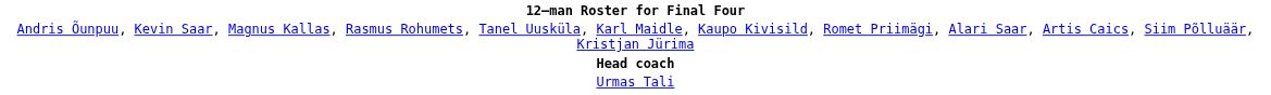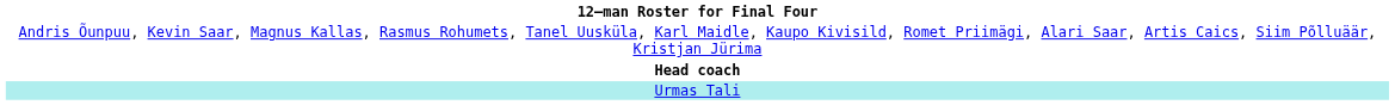 <table style="text-align: center; margin-top: 2em; margin-left: auto; margin-right: auto">
 <tr>
 <td><strong>12–man Roster for Final Four</strong></td>
 </tr>
 <tr>
 <td><a href='#'>Andris Õunpuu</a>, <a href='#'>Kevin Saar</a>, <a href='#'>Magnus Kallas</a>, <a href='#'>Rasmus Rohumets</a>, <a href='#'>Tanel Uusküla</a>, <a href='#'>Karl Maidle</a>, <a href='#'>Kaupo Kivisild</a>, <a href='#'>Romet Priimägi</a>, <a href='#'>Alari Saar</a>, <a href='#'>Artis Caics</a>, <a href='#'>Siim Põlluäär</a>, <a href='#'>Kristjan Jürima</a></td>
 </tr>
 <tr>
 <td><strong>Head coach</strong></td>
 </tr>
 <tr>
-<td><a href='#'>Urmas Tali</a></td>
+<td style="background: paleturquoise;"><a href='#'>Urmas Tali</a></td>
 </tr>
 </table>
